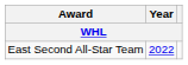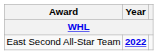 <table class="wikitable">
 <tr>
 <th>Award</th>
 <th>Year</th>
 <th></th>
 </tr>
 <tr>
 <th colspan="3"><a href='#'>WHL</a></th>
 </tr>
 <tr>
 <td>East Second All-Star Team</td>
-<td><a href='#'>2022</a></td>
+<td><strong><a href='#'>2022</a></strong></td>
 <td></td>
 </tr>
 </table>
